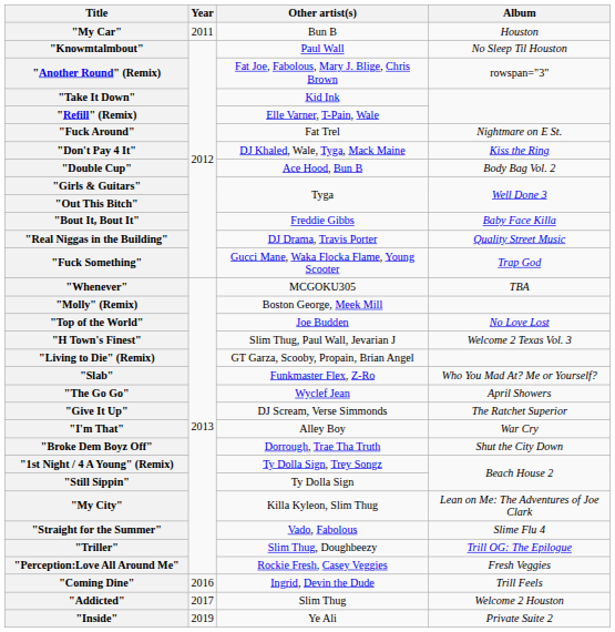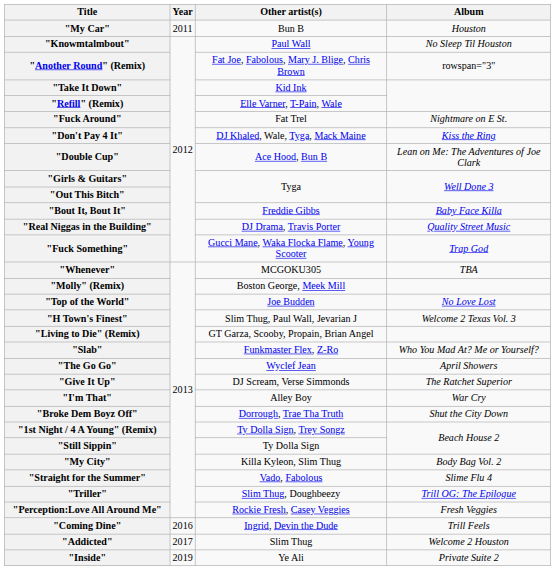 <table class="wikitable plainrowheaders" style="text-align:center;">
 <tr>
 <th scope="col" style="width:16em;">Title</th>
 <th scope="col">Year</th>
 <th scope="col">Other artist(s)</th>
 <th scope="col">Album</th>
 </tr>
 <tr>
 <th scope="row">"My Car"</th>
 <td>2011</td>
 <td>Bun B</td>
 <td><em>Houston</em></td>
 </tr>
 <tr>
 <th scope="row">"Knowmtalmbout"</th>
 <td rowspan="12">2012</td>
 <td><a href='#'>Paul Wall</a></td>
 <td><em>No Sleep Til Houston</em></td>
 </tr>
 <tr>
 <th scope="row">"<a href='#'>Another Round</a>" (Remix)</th>
 <td><a href='#'>Fat Joe</a>, <a href='#'>Fabolous</a>, <a href='#'>Mary J. Blige</a>, <a href='#'>Chris Brown</a></td>
 <td>rowspan="3" </td>
 </tr>
 <tr>
 <th scope="row">"Take It Down"</th>
 <td><a href='#'>Kid Ink</a></td>
 </tr>
 <tr>
 <th scope="row">"<a href='#'>Refill</a>" (Remix)</th>
 <td><a href='#'>Elle Varner</a>, <a href='#'>T-Pain</a>, <a href='#'>Wale</a></td>
 </tr>
 <tr>
 <th scope="row">"Fuck Around"</th>
 <td>Fat Trel</td>
 <td><em>Nightmare on E St.</em></td>
 </tr>
 <tr>
 <th scope="row">"Don't Pay 4 It"</th>
 <td><a href='#'>DJ Khaled</a>, Wale, <a href='#'>Tyga</a>, <a href='#'>Mack Maine</a></td>
 <td><em><a href='#'>Kiss the Ring</a></em></td>
 </tr>
 <tr>
 <th scope="row">"Double Cup"</th>
 <td><a href='#'>Ace Hood</a>, <a href='#'>Bun B</a></td>
-<td><em>Body Bag Vol. 2</em></td>
+<td><em>Lean on Me: The Adventures of Joe Clark</em></td>
 </tr>
 <tr>
 <th scope="row">"Girls & Guitars"</th>
 <td rowspan="2">Tyga</td>
 <td rowspan="2"><em><a href='#'>Well Done 3</a></em></td>
 </tr>
 <tr>
 <th scope="row">"Out This Bitch"</th>
 </tr>
 <tr>
 <th scope="row">"Bout It, Bout It"</th>
 <td><a href='#'>Freddie Gibbs</a></td>
 <td><em><a href='#'>Baby Face Killa</a></em></td>
 </tr>
 <tr>
 <th scope="row">"Real Niggas in the Building"</th>
 <td><a href='#'>DJ Drama</a>, <a href='#'>Travis Porter</a></td>
 <td><em><a href='#'>Quality Street Music</a></em></td>
 </tr>
 <tr>
 <th scope="row">"Fuck Something"</th>
 <td><a href='#'>Gucci Mane</a>, <a href='#'>Waka Flocka Flame</a>, <a href='#'>Young Scooter</a></td>
 <td><em><a href='#'>Trap God</a></em></td>
 </tr>
 <tr>
 <th scope="row">"Whenever"</th>
 <td rowspan="16">2013</td>
 <td>MCGOKU305</td>
 <td><em>TBA</em></td>
 </tr>
 <tr>
 <th scope="row">"Molly" (Remix)</th>
 <td>Boston George, <a href='#'>Meek Mill</a></td>
 <td></td>
 </tr>
 <tr>
 <th scope="row">"Top of the World"</th>
 <td><a href='#'>Joe Budden</a></td>
 <td><em><a href='#'>No Love Lost</a></em></td>
 </tr>
 <tr>
 <th scope="row">"H Town's Finest"</th>
 <td>Slim Thug, Paul Wall, Jevarian J</td>
 <td><em>Welcome 2 Texas Vol. 3</em></td>
 </tr>
 <tr>
 <th scope="row">"Living to Die" (Remix)</th>
 <td>GT Garza, Scooby, Propain, Brian Angel</td>
 <td></td>
 </tr>
 <tr>
 <th scope="row">"Slab"</th>
 <td><a href='#'>Funkmaster Flex</a>, <a href='#'>Z-Ro</a></td>
 <td><em>Who You Mad At? Me or Yourself?</em></td>
 </tr>
 <tr>
 <th scope="row">"The Go Go"</th>
 <td><a href='#'>Wyclef Jean</a></td>
 <td><em>April Showers</em></td>
 </tr>
 <tr>
 <th scope="row">"Give It Up"</th>
 <td>DJ Scream, Verse Simmonds</td>
 <td><em>The Ratchet Superior</em></td>
 </tr>
 <tr>
 <th scope="row">"I'm That"</th>
 <td>Alley Boy</td>
 <td><em>War Cry</em></td>
 </tr>
 <tr>
 <th scope="row">"Broke Dem Boyz Off"</th>
 <td><a href='#'>Dorrough</a>, <a href='#'>Trae Tha Truth</a></td>
 <td><em>Shut the City Down</em></td>
 </tr>
 <tr>
 <th scope="row">"1st Night / 4 A Young" (Remix)</th>
 <td><a href='#'>Ty Dolla Sign</a>, <a href='#'>Trey Songz</a></td>
 <td rowspan="2"><em>Beach House 2</em></td>
 </tr>
 <tr>
 <th scope="row">"Still Sippin"</th>
 <td>Ty Dolla Sign</td>
 </tr>
 <tr>
 <th scope="row">"My City"</th>
 <td>Killa Kyleon, Slim Thug</td>
-<td><em>Lean on Me: The Adventures of Joe Clark</em></td>
+<td><em>Body Bag Vol. 2</em></td>
 </tr>
 <tr>
 <th scope="row">"Straight for the Summer"</th>
 <td><a href='#'>Vado</a>, <a href='#'>Fabolous</a></td>
 <td><em>Slime Flu 4</em></td>
 </tr>
 <tr>
 <th scope="row">"Triller"</th>
 <td><a href='#'>Slim Thug</a>, Doughbeezy</td>
 <td><em><a href='#'>Trill OG: The Epilogue</a></em></td>
 </tr>
 <tr>
 <th scope="row">"Perception:Love All Around Me"</th>
 <td><a href='#'>Rockie Fresh</a>, <a href='#'>Casey Veggies</a></td>
 <td><em>Fresh Veggies</em></td>
 </tr>
 <tr>
 <th scope="row">"Coming Dine"</th>
 <td>2016</td>
 <td><a href='#'>Ingrid</a>, <a href='#'>Devin the Dude</a></td>
 <td><em>Trill Feels</em></td>
 </tr>
 <tr>
 <th scope="row">"Addicted"</th>
 <td>2017</td>
 <td>Slim Thug</td>
 <td><em>Welcome 2 Houston</em></td>
 </tr>
 <tr>
 <th scope="row">"Inside"</th>
 <td>2019</td>
 <td>Ye Ali</td>
 <td><em>Private Suite 2</em></td>
 </tr>
 </table>
